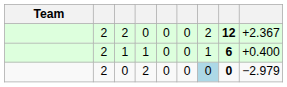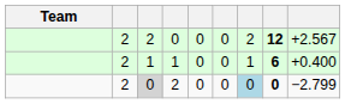 <table class="wikitable" style="text-align:center;">
 <tr>
 <th width="110">Team</th>
 <th width="20"></th>
 <th width="20"></th>
 <th width="20"></th>
 <th width="20"></th>
 <th width="20"></th>
 <th width="20"></th>
 <th width="20"></th>
 <th width="50"><a href='#'></a></th>
 </tr>
 <tr bgcolor="#ddffdd">
 <td align=left></td>
 <td>2</td>
 <td>2</td>
 <td>0</td>
 <td>0</td>
 <td>0</td>
 <td>2</td>
 <td><strong>12</strong></td>
-<td>+2.367</td>
+<td>+2.567</td>
 </tr>
 <tr bgcolor="#ddffdd">
 <td align=left></td>
 <td>2</td>
 <td>1</td>
 <td>1</td>
 <td>0</td>
 <td>0</td>
 <td>1</td>
 <td><strong>6</strong></td>
 <td>+0.400</td>
 </tr>
 <tr>
 <td align=left></td>
 <td>2</td>
-<td>0</td>
+<td style="background: lightgrey;">0</td>
 <td>2</td>
 <td>0</td>
 <td>0</td>
 <td style="background: lightblue;">0</td>
 <td><strong>0</strong></td>
-<td>−2.979</td>
+<td>−2.799</td>
 </tr>
 </table>
